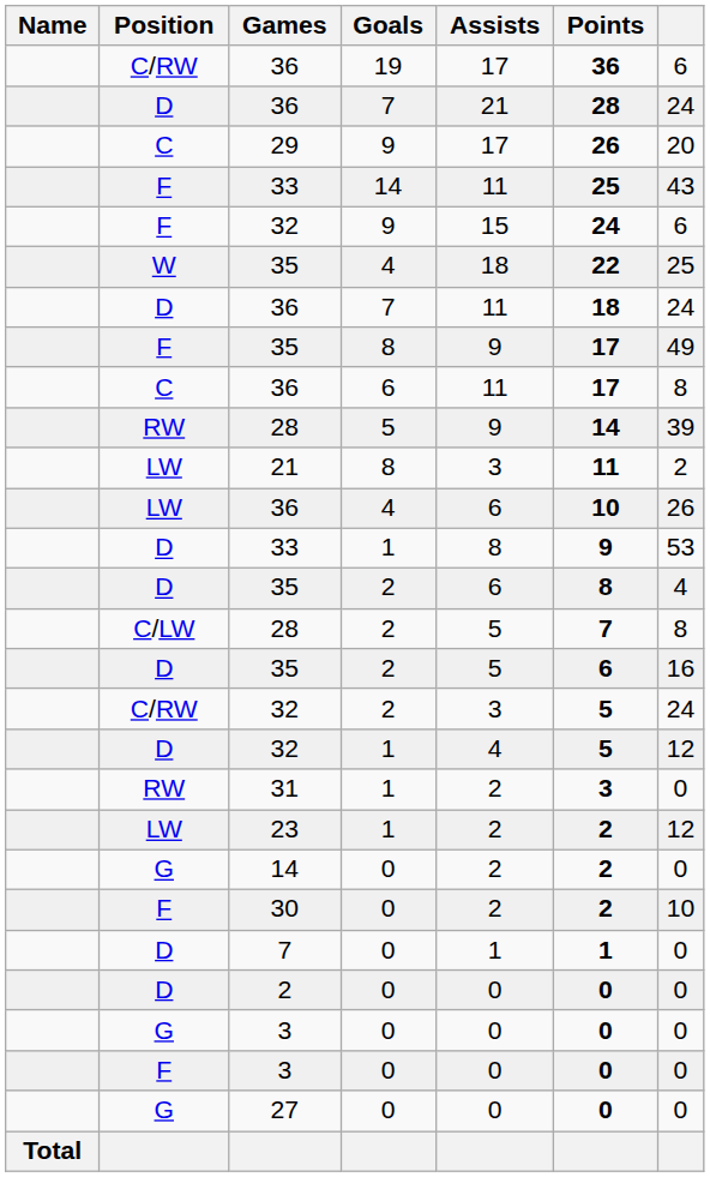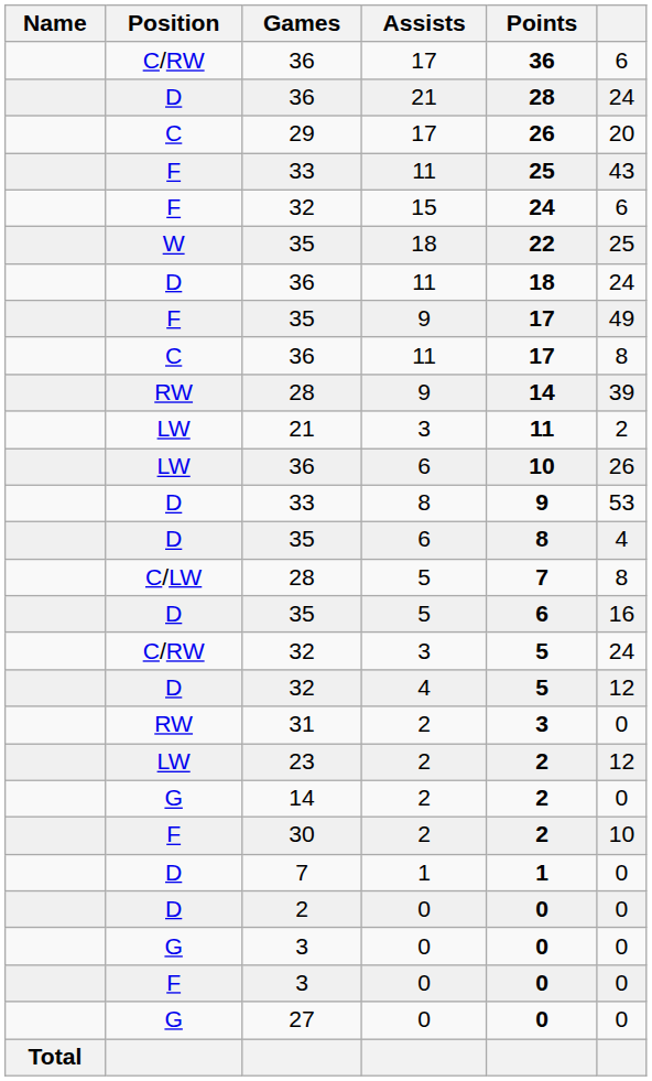 <table class="wikitable sortable" width ="50%">
 <tr align="center">
 <th><strong>Name</strong></th>
 <th><strong>Position</strong></th>
 <th><strong>Games</strong></th>
-<th><strong>Goals</strong></th>
 <th><strong>Assists</strong></th>
 <th><strong>Points</strong></th>
 <th><strong><a href='#'></a></strong></th>
 </tr>
 <tr align="center" bgcolor="">
 <td></td>
 <td><a href='#'>C</a>/<a href='#'>RW</a></td>
 <td>36</td>
-<td>19</td>
 <td>17</td>
 <td><strong>36</strong></td>
 <td>6</td>
 </tr>
 <tr align="center" bgcolor="f0f0f0">
 <td></td>
 <td><a href='#'>D</a></td>
 <td>36</td>
-<td>7</td>
 <td>21</td>
 <td><strong>28</strong></td>
 <td>24</td>
 </tr>
 <tr align="center" bgcolor="">
 <td></td>
 <td><a href='#'>C</a></td>
 <td>29</td>
-<td>9</td>
 <td>17</td>
 <td><strong>26</strong></td>
 <td>20</td>
 </tr>
 <tr align="center" bgcolor="f0f0f0">
 <td></td>
 <td><a href='#'>F</a></td>
 <td>33</td>
-<td>14</td>
 <td>11</td>
 <td><strong>25</strong></td>
 <td>43</td>
 </tr>
 <tr align="center" bgcolor="">
 <td></td>
 <td><a href='#'>F</a></td>
 <td>32</td>
-<td>9</td>
 <td>15</td>
 <td><strong>24</strong></td>
 <td>6</td>
 </tr>
 <tr align="center" bgcolor="f0f0f0">
 <td></td>
 <td><a href='#'>W</a></td>
 <td>35</td>
-<td>4</td>
 <td>18</td>
 <td><strong>22</strong></td>
 <td>25</td>
 </tr>
 <tr align="center" bgcolor="">
 <td></td>
 <td><a href='#'>D</a></td>
 <td>36</td>
-<td>7</td>
 <td>11</td>
 <td><strong>18</strong></td>
 <td>24</td>
 </tr>
 <tr align="center" bgcolor="f0f0f0">
 <td></td>
 <td><a href='#'>F</a></td>
 <td>35</td>
-<td>8</td>
 <td>9</td>
 <td><strong>17</strong></td>
 <td>49</td>
 </tr>
 <tr align="center" bgcolor="">
 <td></td>
 <td><a href='#'>C</a></td>
 <td>36</td>
-<td>6</td>
 <td>11</td>
 <td><strong>17</strong></td>
 <td>8</td>
 </tr>
 <tr align="center" bgcolor="f0f0f0">
 <td></td>
 <td><a href='#'>RW</a></td>
 <td>28</td>
-<td>5</td>
 <td>9</td>
 <td><strong>14</strong></td>
 <td>39</td>
 </tr>
 <tr align="center" bgcolor="">
 <td></td>
 <td><a href='#'>LW</a></td>
 <td>21</td>
-<td>8</td>
 <td>3</td>
 <td><strong>11</strong></td>
 <td>2</td>
 </tr>
 <tr align="center" bgcolor="f0f0f0">
 <td></td>
 <td><a href='#'>LW</a></td>
 <td>36</td>
-<td>4</td>
 <td>6</td>
 <td><strong>10</strong></td>
 <td>26</td>
 </tr>
 <tr align="center" bgcolor="">
 <td></td>
 <td><a href='#'>D</a></td>
 <td>33</td>
-<td>1</td>
 <td>8</td>
 <td><strong>9</strong></td>
 <td>53</td>
 </tr>
 <tr align="center" bgcolor="f0f0f0">
 <td></td>
 <td><a href='#'>D</a></td>
 <td>35</td>
-<td>2</td>
 <td>6</td>
 <td><strong>8</strong></td>
 <td>4</td>
 </tr>
 <tr align="center" bgcolor="">
 <td></td>
 <td><a href='#'>C</a>/<a href='#'>LW</a></td>
 <td>28</td>
-<td>2</td>
 <td>5</td>
 <td><strong>7</strong></td>
 <td>8</td>
 </tr>
 <tr align="center" bgcolor="f0f0f0">
 <td></td>
 <td><a href='#'>D</a></td>
 <td>35</td>
-<td>2</td>
 <td>5</td>
 <td><strong>6</strong></td>
 <td>16</td>
 </tr>
 <tr align="center" bgcolor="">
 <td></td>
 <td><a href='#'>C</a>/<a href='#'>RW</a></td>
 <td>32</td>
-<td>2</td>
 <td>3</td>
 <td><strong>5</strong></td>
 <td>24</td>
 </tr>
 <tr align="center" bgcolor="f0f0f0">
 <td></td>
 <td><a href='#'>D</a></td>
 <td>32</td>
-<td>1</td>
 <td>4</td>
 <td><strong>5</strong></td>
 <td>12</td>
 </tr>
 <tr align="center" bgcolor="">
 <td></td>
 <td><a href='#'>RW</a></td>
 <td>31</td>
-<td>1</td>
 <td>2</td>
 <td><strong>3</strong></td>
 <td>0</td>
 </tr>
 <tr align="center" bgcolor="f0f0f0">
 <td></td>
 <td><a href='#'>LW</a></td>
 <td>23</td>
-<td>1</td>
 <td>2</td>
 <td><strong>2</strong></td>
 <td>12</td>
 </tr>
 <tr align="center" bgcolor="">
 <td></td>
 <td><a href='#'>G</a></td>
 <td>14</td>
-<td>0</td>
 <td>2</td>
 <td><strong>2</strong></td>
 <td>0</td>
 </tr>
 <tr align="center" bgcolor="f0f0f0">
 <td></td>
 <td><a href='#'>F</a></td>
 <td>30</td>
-<td>0</td>
 <td>2</td>
 <td><strong>2</strong></td>
 <td>10</td>
 </tr>
 <tr align="center" bgcolor="">
 <td></td>
 <td><a href='#'>D</a></td>
 <td>7</td>
-<td>0</td>
 <td>1</td>
 <td><strong>1</strong></td>
 <td>0</td>
 </tr>
 <tr align="center" bgcolor="f0f0f0">
 <td></td>
 <td><a href='#'>D</a></td>
 <td>2</td>
 <td>0</td>
-<td>0</td>
 <td><strong>0</strong></td>
 <td>0</td>
 </tr>
 <tr align="center" bgcolor="">
 <td></td>
 <td><a href='#'>G</a></td>
 <td>3</td>
-<td>0</td>
 <td>0</td>
 <td><strong>0</strong></td>
 <td>0</td>
 </tr>
 <tr align="center" bgcolor="f0f0f0">
 <td></td>
 <td><a href='#'>F</a></td>
 <td>3</td>
 <td>0</td>
-<td>0</td>
 <td><strong>0</strong></td>
 <td>0</td>
 </tr>
 <tr align="center" bgcolor="">
 <td></td>
 <td><a href='#'>G</a></td>
 <td>27</td>
-<td>0</td>
 <td>0</td>
 <td><strong>0</strong></td>
 <td>0</td>
 </tr>
 <tr>
 <th>Total</th>
 <th></th>
 <th></th>
 <th></th>
 <th></th>
 <th></th>
-<th></th>
 </tr>
 </table>
